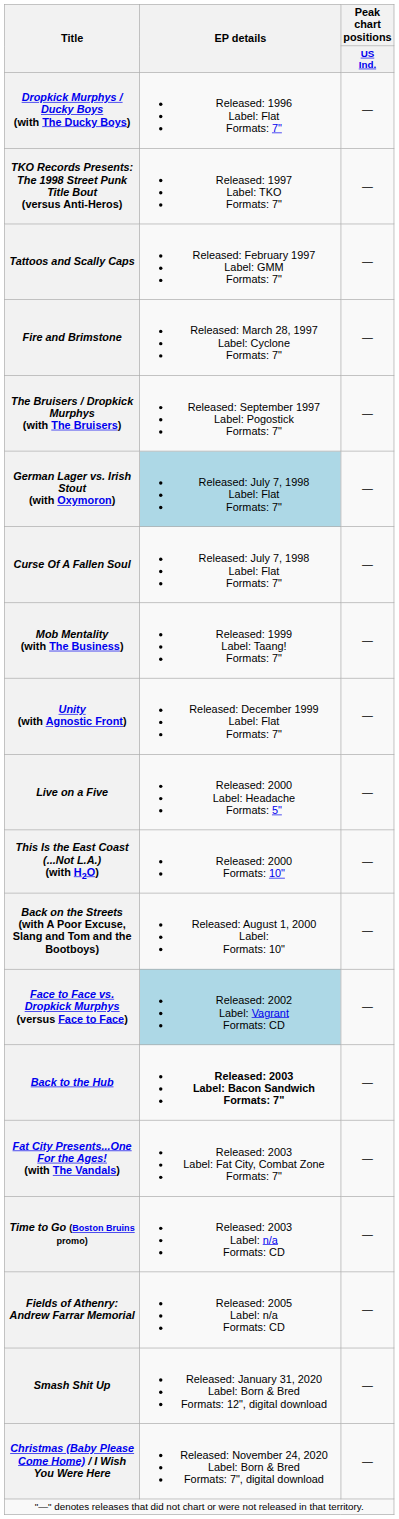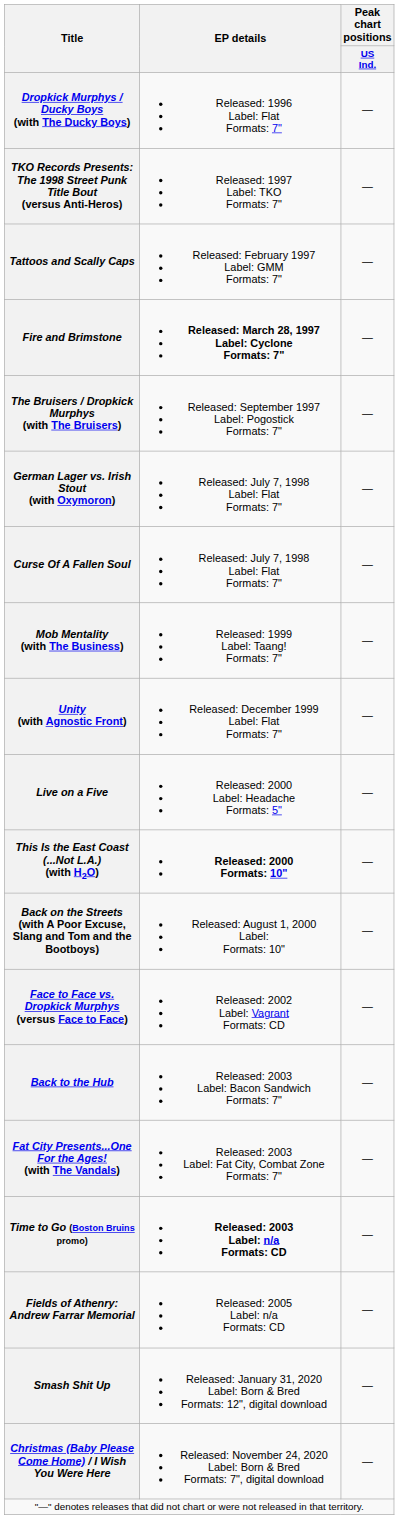 <table class="wikitable plainrowheaders" style="text-align:center;">
 <tr>
 <th scope="col" rowspan="2" style="width:12em;">Title</th>
 <th scope="col" rowspan="2" style="width:18em;">EP details</th>
 <th scope="col" colspan="1">Peak chart positions</th>
 </tr>
 <tr>
 <th scope="col" style="width:3em;font-size:90%;"><a href='#'>US<br>Ind.</a><br></th>
 </tr>
 <tr>
 <th scope="row"><em><a href='#'>Dropkick Murphys / Ducky Boys</a></em><br><span>(with <a href='#'>The Ducky Boys</a>)</span></th>
 <td><br><ul><li>Released: 1996</li><li>Label: Flat</li><li>Formats: <a href='#'>7"</a></li></ul></td>
 <td>—</td>
 </tr>
 <tr>
 <th scope="row"><em>TKO Records Presents: The 1998 Street Punk Title Bout</em><br><span>(versus Anti-Heros)</span></th>
 <td><br><ul><li>Released: 1997</li><li>Label: TKO</li><li>Formats: 7"</li></ul></td>
 <td>—</td>
 </tr>
 <tr>
 <th scope="row"><em>Tattoos and Scally Caps</em></th>
 <td><br><ul><li>Released: February 1997</li><li>Label: GMM</li><li>Formats: 7"</li></ul></td>
 <td>—</td>
 </tr>
 <tr>
 <th scope="row"><em>Fire and Brimstone</em></th>
-<td><br><ul><li>Released: March 28, 1997</li><li>Label: Cyclone</li><li>Formats: 7"</li></ul></td>
+<td><strong><br><ul><li>Released: March 28, 1997</li><li>Label: Cyclone</li><li>Formats: 7"</li></ul></strong></td>
 <td>—</td>
 </tr>
 <tr>
 <th scope="row"><em>The Bruisers / Dropkick Murphys</em><br><span>(with <a href='#'>The Bruisers</a>)</span></th>
 <td><br><ul><li>Released: September 1997</li><li>Label: Pogostick</li><li>Formats: 7"</li></ul></td>
 <td>—</td>
 </tr>
 <tr>
 <th scope="row"><em>German Lager vs. Irish Stout</em><br><span>(with <a href='#'>Oxymoron</a>)</span></th>
-<td style="background: lightblue;"><br><ul><li>Released: July 7, 1998</li><li>Label: Flat</li><li>Formats: 7"</li></ul></td>
+<td><br><ul><li>Released: July 7, 1998</li><li>Label: Flat</li><li>Formats: 7"</li></ul></td>
 <td>—</td>
 </tr>
 <tr>
 <th scope="row"><em>Curse Of A Fallen Soul</em></th>
 <td><br><ul><li>Released: July 7, 1998</li><li>Label: Flat</li><li>Formats: 7"</li></ul></td>
 <td>—</td>
 </tr>
 <tr>
 <th scope="row"><em>Mob Mentality</em><br><span>(with <a href='#'>The Business</a>)</span></th>
 <td><br><ul><li>Released: 1999</li><li>Label: Taang!</li><li>Formats: 7"</li></ul></td>
 <td>—</td>
 </tr>
 <tr>
 <th scope="row"><em><a href='#'>Unity</a></em><br><span>(with <a href='#'>Agnostic Front</a>)</span></th>
 <td><br><ul><li>Released: December 1999</li><li>Label: Flat</li><li>Formats: 7"</li></ul></td>
 <td>—</td>
 </tr>
 <tr>
 <th scope="row"><em>Live on a Five</em></th>
 <td><br><ul><li>Released: 2000</li><li>Label: Headache</li><li>Formats: <a href='#'>5"</a></li></ul></td>
 <td>—</td>
 </tr>
 <tr>
 <th scope="row"><em>This Is the East Coast (...Not L.A.)</em><br><span>(with <a href='#'>H<sub>2</sub>O</a>)</span></th>
-<td><br><ul><li>Released: 2000</li><li>Formats: <a href='#'>10"</a></li></ul></td>
+<td><strong><br><ul><li>Released: 2000</li><li>Formats: <a href='#'>10"</a></li></ul></strong></td>
 <td>—</td>
 </tr>
 <tr>
 <th scope="row"><em>Back on the Streets</em><br><span>(with A Poor Excuse, Slang and Tom and the Bootboys)</span></th>
 <td><br><ul><li>Released: August 1, 2000</li><li>Label:</li><li>Formats: 10"</li></ul></td>
 <td>—</td>
 </tr>
 <tr>
 <th scope="row"><em><a href='#'>Face to Face vs. Dropkick Murphys</a></em><br><span>(versus <a href='#'>Face to Face</a>)</span></th>
-<td style="background: lightblue;"><br><ul><li>Released: 2002</li><li>Label: <a href='#'>Vagrant</a></li><li>Formats: CD</li></ul></td>
+<td><br><ul><li>Released: 2002</li><li>Label: <a href='#'>Vagrant</a></li><li>Formats: CD</li></ul></td>
 <td>—</td>
 </tr>
 <tr>
 <th scope="row"><em><a href='#'>Back to the Hub</a></em></th>
-<td><strong><br><ul><li>Released: 2003</li><li>Label: Bacon Sandwich</li><li>Formats: 7"</li></ul></strong></td>
+<td><br><ul><li>Released: 2003</li><li>Label: Bacon Sandwich</li><li>Formats: 7"</li></ul></td>
 <td>—</td>
 </tr>
 <tr>
 <th scope="row"><em><a href='#'>Fat City Presents...One For the Ages!</a></em><br><span>(with <a href='#'>The Vandals</a>)</span></th>
 <td><br><ul><li>Released: 2003</li><li>Label: Fat City, Combat Zone</li><li>Formats: 7"</li></ul></td>
 <td>—</td>
 </tr>
 <tr>
 <th scope="row"><em>Time to Go</em> <small>(<a href='#'>Boston Bruins</a> promo)</small></th>
-<td><br><ul><li>Released: 2003</li><li>Label: <a href='#'>n/a</a></li><li>Formats: CD</li></ul></td>
+<td><strong><br><ul><li>Released: 2003</li><li>Label: <a href='#'>n/a</a></li><li>Formats: CD</li></ul></strong></td>
 <td>—</td>
 </tr>
 <tr>
 <th scope="row"><em>Fields of Athenry: Andrew Farrar Memorial</em></th>
 <td><br><ul><li>Released: 2005</li><li>Label: n/a</li><li>Formats: CD</li></ul></td>
 <td>—</td>
 </tr>
 <tr>
 <th scope="row"><em>Smash Shit Up</em></th>
 <td><br><ul><li>Released: January 31, 2020</li><li>Label: Born & Bred</li><li>Formats: 12", digital download</li></ul></td>
 <td>—</td>
 </tr>
 <tr>
 <th scope="row"><em><a href='#'>Christmas (Baby Please Come Home)</a> / I Wish You Were Here</em></th>
 <td><br><ul><li>Released: November 24, 2020</li><li>Label: Born & Bred</li><li>Formats: 7", digital download</li></ul></td>
 <td>—</td>
 </tr>
 <tr>
 <td colspan="5" style="font-size:90%">"—" denotes releases that did not chart or were not released in that territory.</td>
 </tr>
 </table>
